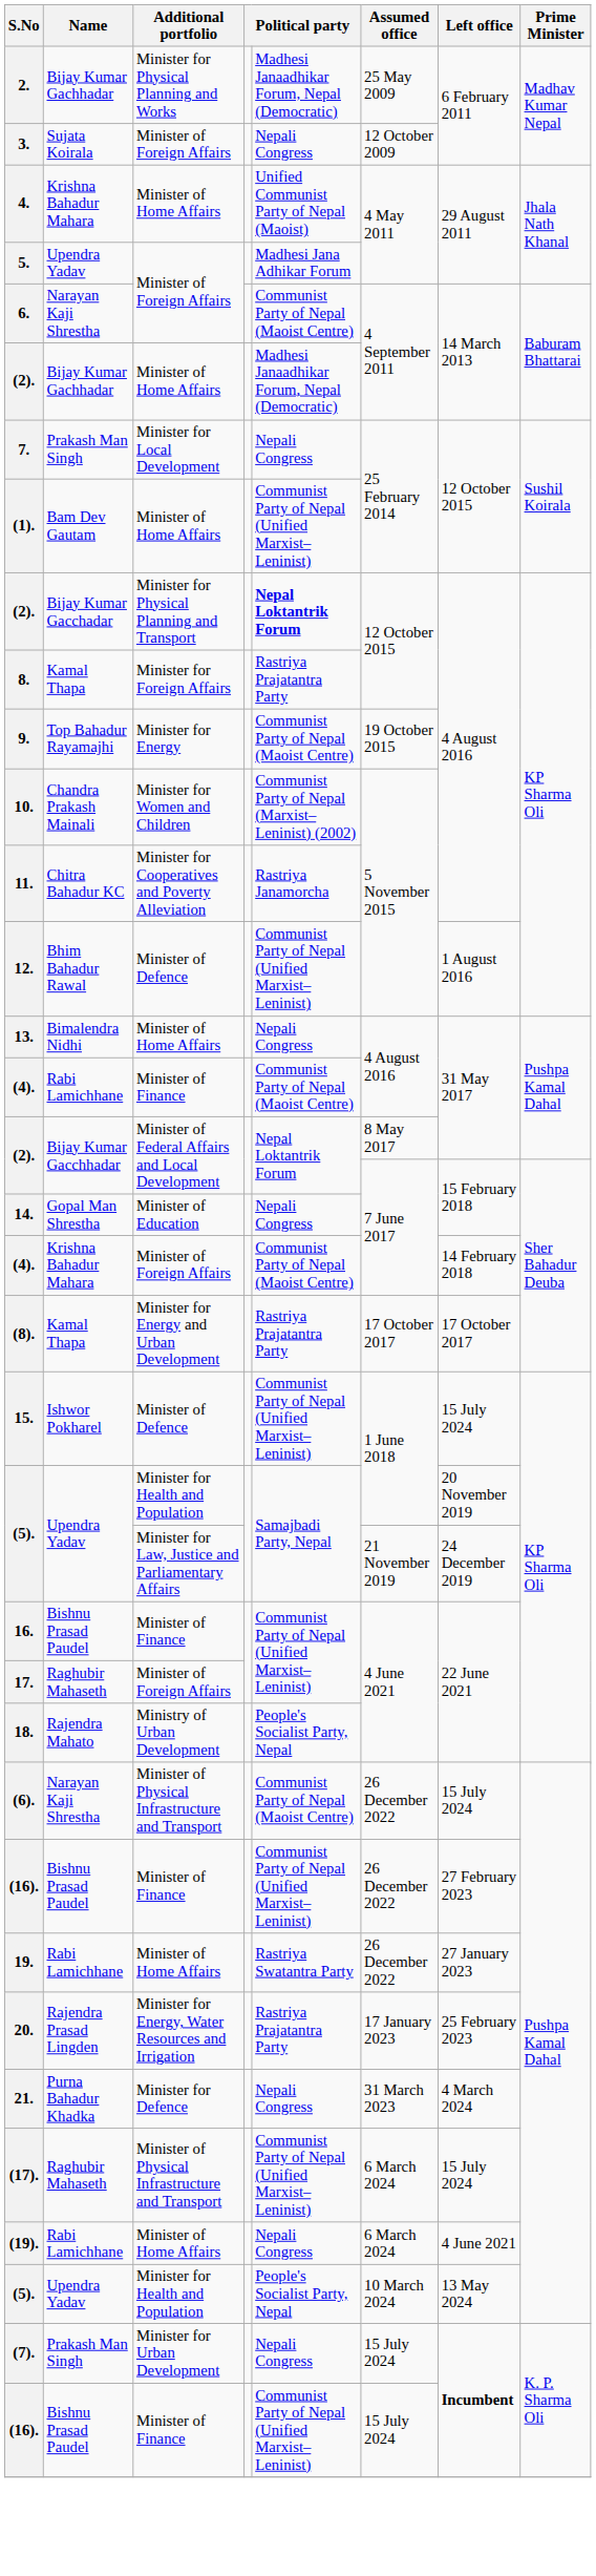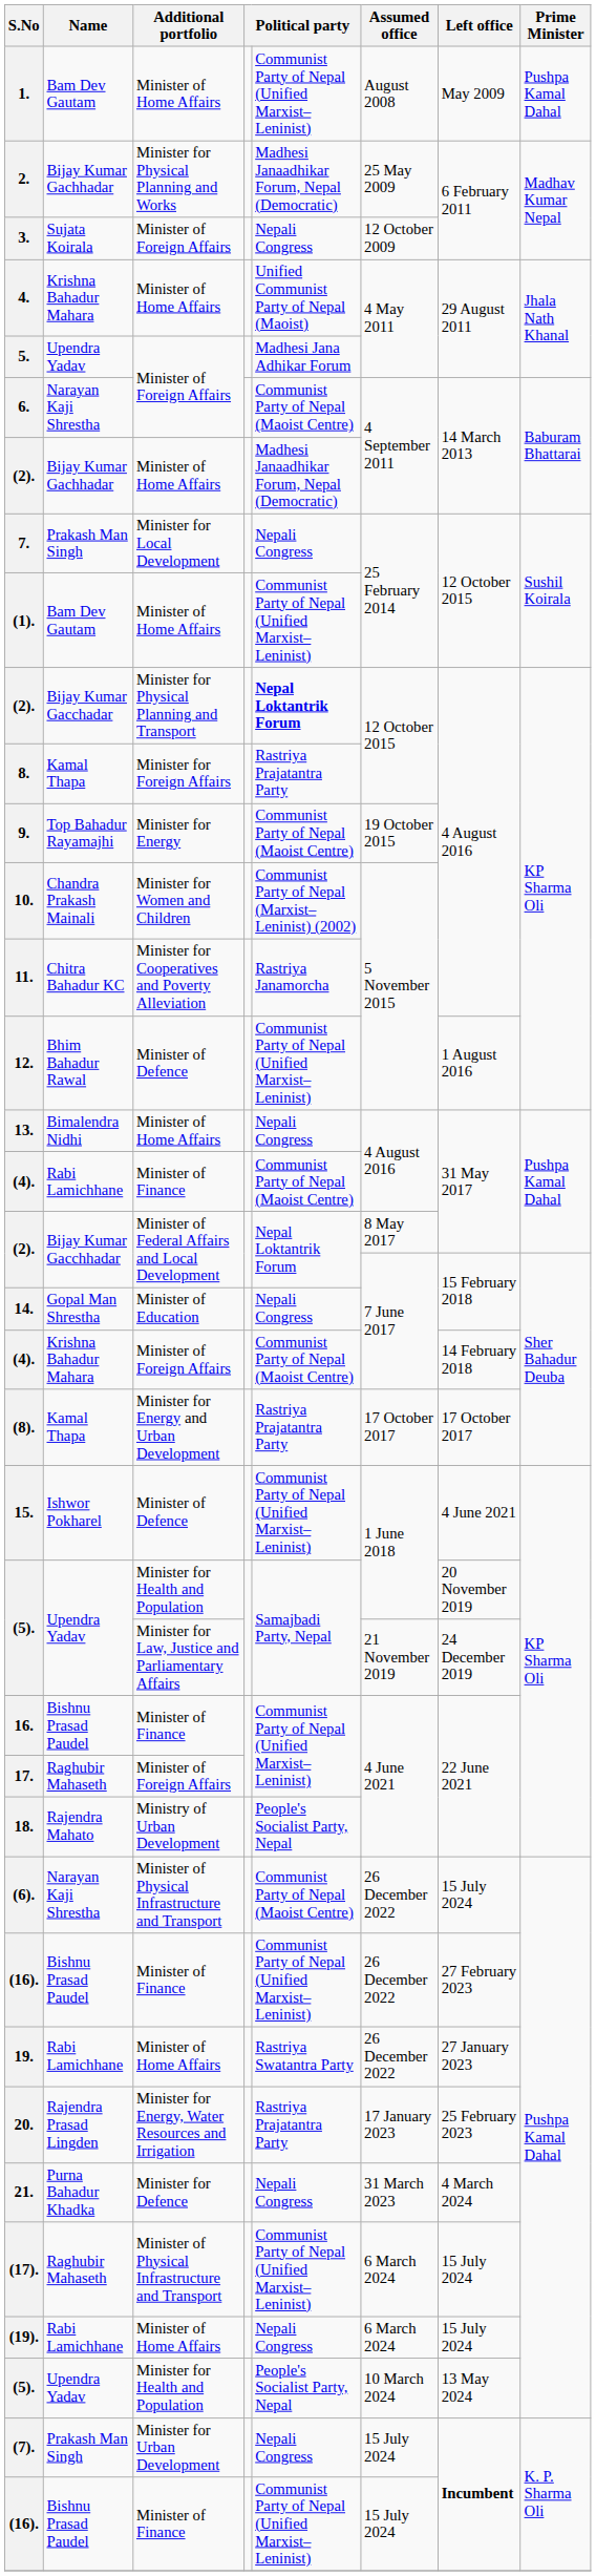 <table class="wikitable">
 <tr>
 <th>S.No</th>
 <th>Name</th>
 <th>Additional portfolio</th>
 <th colspan=2>Political party</th>
 <th>Assumed office</th>
 <th>Left office</th>
 <th>Prime Minister</th>
+</tr>
+<tr>
+<th>1.</th>
+<td><a href='#'>Bam Dev Gautam</a></td>
+<td>Minister of <a href='#'>Home Affairs</a></td>
+<td style="background:"></td>
+<td><a href='#'>Communist Party of Nepal (Unified Marxist–Leninist)</a></td>
+<td>August 2008</td>
+<td>May 2009</td>
+<td><a href='#'>Pushpa Kamal Dahal</a></td>
 </tr>
 <tr>
 <th>2.</th>
 <td><a href='#'>Bijay Kumar Gachhadar</a></td>
 <td>Minister for <a href='#'>Physical Planning and Works</a></td>
 <td style="background:"></td>
 <td><a href='#'>Madhesi Janaadhikar Forum, Nepal (Democratic)</a></td>
 <td>25 May 2009</td>
 <td rowspan="2">6 February 2011</td>
 <td rowspan="2"><a href='#'>Madhav Kumar Nepal</a></td>
 </tr>
 <tr>
 <th>3.</th>
 <td><a href='#'>Sujata Koirala</a></td>
 <td>Minister of <a href='#'>Foreign Affairs</a></td>
 <td style="background:"></td>
 <td><a href='#'>Nepali Congress</a></td>
 <td>12 October 2009</td>
 </tr>
 <tr>
 <th>4.</th>
 <td><a href='#'>Krishna Bahadur Mahara</a></td>
 <td>Minister of <a href='#'>Home Affairs</a></td>
 <td style="background:"></td>
 <td><a href='#'>Unified Communist Party of Nepal (Maoist)</a></td>
 <td rowspan="2">4 May 2011</td>
 <td rowspan="2">29 August 2011</td>
 <td rowspan="2"><a href='#'>Jhala Nath Khanal</a></td>
 </tr>
 <tr>
 <th>5.</th>
 <td><a href='#'>Upendra Yadav</a></td>
 <td rowspan="2">Minister of <a href='#'>Foreign Affairs</a></td>
 <td style="background:"></td>
 <td><a href='#'>Madhesi Jana Adhikar Forum</a></td>
 </tr>
 <tr>
 <th>6.</th>
 <td><a href='#'>Narayan Kaji Shrestha</a></td>
 <td style="background:"></td>
 <td><a href='#'>Communist Party of Nepal (Maoist Centre)</a></td>
 <td rowspan="2">4 September 2011</td>
 <td rowspan="2">14 March 2013</td>
 <td rowspan="2"><a href='#'>Baburam Bhattarai</a></td>
 </tr>
 <tr>
 <th>(2).</th>
 <td><a href='#'>Bijay Kumar Gachhadar</a></td>
 <td>Minister of <a href='#'>Home Affairs</a></td>
 <td style="background:"></td>
 <td><a href='#'>Madhesi Janaadhikar Forum, Nepal (Democratic)</a></td>
 </tr>
 <tr>
 <th>7.</th>
 <td><a href='#'>Prakash Man Singh</a></td>
 <td>Minister for <a href='#'>Local Development</a></td>
 <td style="background:"></td>
 <td><a href='#'>Nepali Congress</a></td>
 <td rowspan="2">25 February 2014</td>
 <td rowspan="2">12 October 2015</td>
 <td rowspan="2"><a href='#'>Sushil Koirala</a></td>
 </tr>
 <tr>
 <th>(1).</th>
 <td><a href='#'>Bam Dev Gautam</a></td>
 <td>Minister of <a href='#'>Home Affairs</a></td>
 <td style="background:"></td>
 <td><a href='#'>Communist Party of Nepal (Unified Marxist–Leninist)</a></td>
 </tr>
 <tr>
 <th>(2).</th>
 <td><a href='#'>Bijay Kumar Gacchadar</a></td>
 <td>Minister for <a href='#'>Physical Planning and Transport</a></td>
 <td style="background:"></td>
 <td><strong><a href='#'>Nepal Loktantrik Forum</a></strong></td>
 <td rowspan="2">12 October 2015</td>
 <td rowspan="5">4 August 2016</td>
 <td rowspan="6"><a href='#'>KP Sharma Oli</a></td>
 </tr>
 <tr>
 <th>8.</th>
 <td><a href='#'>Kamal Thapa</a></td>
 <td>Minister for <a href='#'>Foreign Affairs</a></td>
 <td style="background:"></td>
 <td><a href='#'>Rastriya Prajatantra Party</a></td>
 </tr>
 <tr>
 <th>9.</th>
 <td><a href='#'>Top Bahadur Rayamajhi</a></td>
 <td>Minister for <a href='#'>Energy</a></td>
 <td style="background:"></td>
 <td><a href='#'>Communist Party of Nepal (Maoist Centre)</a></td>
 <td>19 October 2015</td>
 </tr>
 <tr>
 <th>10.</th>
 <td><a href='#'>Chandra Prakash Mainali</a></td>
 <td>Minister for <a href='#'>Women and Children</a></td>
 <td style="background:"></td>
 <td><a href='#'>Communist Party of Nepal (Marxist–Leninist) (2002)</a></td>
 <td rowspan="3">5 November 2015</td>
 </tr>
 <tr>
 <th>11.</th>
 <td><a href='#'>Chitra Bahadur KC</a></td>
 <td>Minister for <a href='#'>Cooperatives and Poverty Alleviation</a></td>
 <td style="background:"></td>
 <td><a href='#'>Rastriya Janamorcha</a></td>
 </tr>
 <tr>
 <th>12.</th>
 <td><a href='#'>Bhim Bahadur Rawal</a></td>
 <td>Minister of <a href='#'>Defence</a></td>
 <td style="background:"></td>
 <td><a href='#'>Communist Party of Nepal (Unified Marxist–Leninist)</a></td>
 <td>1 August 2016</td>
 </tr>
 <tr>
 <th>13.</th>
 <td><a href='#'>Bimalendra Nidhi</a></td>
 <td>Minister of <a href='#'>Home Affairs</a></td>
 <td style="background:"></td>
 <td><a href='#'>Nepali Congress</a></td>
 <td rowspan="2">4 August 2016</td>
 <td rowspan="3">31 May 2017</td>
 <td rowspan="3"><a href='#'>Pushpa Kamal Dahal</a></td>
 </tr>
 <tr>
 <th>(4).</th>
 <td><a href='#'>Rabi Lamichhane</a></td>
 <td>Minister of <a href='#'>Finance</a></td>
 <td style="background:"></td>
 <td><a href='#'>Communist Party of Nepal (Maoist Centre)</a></td>
 </tr>
 <tr>
 <th rowspan=2>(2).</th>
 <td rowspan="2"><a href='#'>Bijay Kumar Gacchhadar</a></td>
 <td rowspan="2">Minister of <a href='#'>Federal Affairs and Local Development</a></td>
 <td rowspan="2" style="background:"></td>
 <td rowspan="2"><a href='#'>Nepal Loktantrik Forum</a></td>
 <td>8 May 2017</td>
 </tr>
 <tr>
 <td rowspan="3">7 June 2017</td>
 <td rowspan="2">15 February 2018</td>
 <td rowspan="4"><a href='#'>Sher Bahadur Deuba</a></td>
 </tr>
 <tr>
 <th>14.</th>
 <td><a href='#'>Gopal Man Shrestha</a></td>
 <td>Minister of <a href='#'>Education</a></td>
 <td style="background:"></td>
 <td><a href='#'>Nepali Congress</a></td>
 </tr>
 <tr>
 <th>(4).</th>
 <td><a href='#'>Krishna Bahadur Mahara</a></td>
 <td>Minister of <a href='#'>Foreign Affairs</a></td>
 <td style="background:"></td>
 <td><a href='#'>Communist Party of Nepal (Maoist Centre)</a></td>
 <td>14 February 2018</td>
 </tr>
 <tr>
 <th>(8).</th>
 <td><a href='#'>Kamal Thapa</a></td>
 <td>Minister for <a href='#'>Energy</a> and <a href='#'>Urban Development</a></td>
 <td style="background:"></td>
 <td><a href='#'>Rastriya Prajatantra Party</a></td>
 <td>17 October 2017</td>
 <td>17 October 2017</td>
 </tr>
 <tr>
 <th>15.</th>
 <td><a href='#'>Ishwor Pokharel</a></td>
 <td>Minister of <a href='#'>Defence</a></td>
 <td style="background:"></td>
 <td><a href='#'>Communist Party of Nepal (Unified Marxist–Leninist)</a></td>
 <td rowspan="2">1 June 2018</td>
-<td>15 July 2024</td>
+<td>4 June 2021</td>
 <td rowspan="7"><a href='#'>KP Sharma Oli</a></td>
 </tr>
 <tr>
 <th rowspan=2>(5).</th>
 <td rowspan="2"><a href='#'>Upendra Yadav</a></td>
 <td>Minister for <a href='#'>Health and Population</a></td>
 <td rowspan="2" style="background:"></td>
 <td rowspan="2"><a href='#'>Samajbadi Party, Nepal</a></td>
 <td>20 November 2019</td>
 </tr>
 <tr>
 <td>Minister for <a href='#'>Law, Justice and Parliamentary Affairs</a></td>
 <td>21 November 2019</td>
 <td>24 December 2019</td>
 </tr>
 <tr>
 <th>16.</th>
 <td><a href='#'>Bishnu Prasad Paudel</a></td>
 <td>Minister of <a href='#'>Finance</a></td>
 <td rowspan="2" style="background:"></td>
 <td rowspan="2"><a href='#'>Communist Party of Nepal (Unified Marxist–Leninist)</a></td>
 <td rowspan="3">4 June 2021</td>
 <td rowspan="3">22 June 2021</td>
 </tr>
 <tr>
 <th>17.</th>
 <td><a href='#'>Raghubir Mahaseth</a></td>
 <td>Minister of <a href='#'>Foreign Affairs</a></td>
 </tr>
 <tr>
 <th>18.</th>
 <td><a href='#'>Rajendra Mahato</a></td>
 <td>Ministry of <a href='#'>Urban Development</a></td>
 <td style="background:"></td>
 <td><a href='#'>People's Socialist Party, Nepal</a></td>
 </tr>
 <tr>
 <th rowspan=2>(6).</th>
 <td rowspan="2"><a href='#'>Narayan Kaji Shrestha</a></td>
 <td rowspan="2">Minister of <a href='#'>Physical Infrastructure and Transport</a></td>
 <td rowspan="2" style="background:"></td>
 <td rowspan="2"><a href='#'>Communist Party of Nepal (Maoist Centre)</a></td>
 <td rowspan="2">26 December 2022</td>
 <td rowspan="2">15 July 2024</td>
 </tr>
 <tr>
 <td rowspan="8"><a href='#'>Pushpa Kamal Dahal</a></td>
 </tr>
 <tr>
 <th>(16).</th>
 <td><a href='#'>Bishnu Prasad Paudel</a></td>
 <td>Minister of <a href='#'>Finance</a></td>
 <td style="background:"></td>
 <td><a href='#'>Communist Party of Nepal (Unified Marxist–Leninist)</a></td>
 <td>26 December 2022</td>
 <td>27 February 2023</td>
 </tr>
 <tr>
 <th>19.</th>
 <td><a href='#'>Rabi Lamichhane</a></td>
 <td>Minister of <a href='#'>Home Affairs</a></td>
 <td style="background:"></td>
 <td><a href='#'>Rastriya Swatantra Party</a></td>
 <td>26 December 2022</td>
 <td>27 January 2023</td>
 </tr>
 <tr>
 <th>20.</th>
 <td><a href='#'>Rajendra Prasad Lingden</a></td>
 <td>Minister for <a href='#'>Energy, Water Resources and Irrigation</a></td>
 <td style="background:"></td>
 <td><a href='#'>Rastriya Prajatantra Party</a></td>
 <td>17 January 2023</td>
 <td>25 February 2023</td>
 </tr>
 <tr>
 <th>21.</th>
 <td><a href='#'>Purna Bahadur Khadka</a></td>
 <td>Minister for <a href='#'>Defence</a></td>
 <td style="background:"></td>
 <td><a href='#'>Nepali Congress</a></td>
 <td>31 March 2023</td>
 <td>4 March 2024</td>
 </tr>
 <tr>
 <th>(17).</th>
 <td><a href='#'>Raghubir Mahaseth</a></td>
 <td>Minister of <a href='#'>Physical Infrastructure and Transport</a></td>
 <td style="background:"></td>
 <td><a href='#'>Communist Party of Nepal (Unified Marxist–Leninist)</a></td>
 <td>6 March 2024</td>
 <td>15 July 2024</td>
 </tr>
 <tr>
 <th>(19).</th>
 <td><a href='#'>Rabi Lamichhane</a></td>
 <td>Minister of <a href='#'>Home Affairs</a></td>
 <td style="background:"></td>
 <td><a href='#'>Nepali Congress</a></td>
 <td>6 March 2024</td>
-<td>4 June 2021</td>
+<td>15 July 2024</td>
 </tr>
 <tr>
 <th>(5).</th>
 <td><a href='#'>Upendra Yadav</a></td>
 <td>Minister for <a href='#'>Health and Population</a></td>
 <td style="background:"></td>
 <td><a href='#'>People's Socialist Party, Nepal</a></td>
 <td>10 March 2024</td>
 <td>13 May 2024</td>
 </tr>
 <tr>
 <th>(7).</th>
 <td><a href='#'>Prakash Man Singh</a></td>
 <td>Minister for <a href='#'>Urban Development</a></td>
 <td style="background:"></td>
 <td><a href='#'>Nepali Congress</a></td>
 <td>15 July 2024</td>
 <td rowspan=2><strong>Incumbent</strong></td>
 <td rowspan="2"><a href='#'>K. P. Sharma Oli</a></td>
 </tr>
 <tr>
 <th>(16).</th>
 <td><a href='#'>Bishnu Prasad Paudel</a></td>
 <td>Minister of <a href='#'>Finance</a></td>
 <td style="background:"></td>
 <td><a href='#'>Communist Party of Nepal (Unified Marxist–Leninist)</a></td>
 <td>15 July 2024</td>
 </tr>
 <tr>
 </tr>
 </table>
